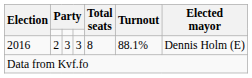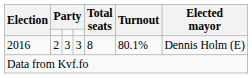 <table class="wikitable">
 <tr>
 <th rowspan="2">Election</th>
 <th colspan="3">Party</th>
 <th rowspan="2">Total<br>seats</th>
 <th rowspan="2">Turnout</th>
 <th rowspan="2">Elected<br>mayor</th>
 </tr>
 <tr>
 <td style="background:"><strong><a href='#'></a></strong></td>
 <td style="background:"><strong><a href='#'></a></strong></td>
 <td style="background:"><strong><a href='#'></a></strong></td>
 </tr>
 <tr>
 <td>2016</td>
 <td>2</td>
 <td>3</td>
 <td>3</td>
 <td>8</td>
-<td>88.1%</td>
+<td>80.1%</td>
 <td>Dennis Holm (E)</td>
 </tr>
 <tr>
 <td colspan="14">Data from Kvf.fo</td>
 </tr>
 </table>
